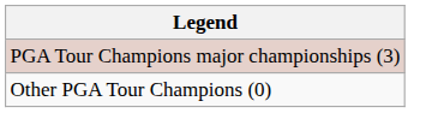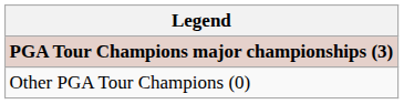 <table class="wikitable" style="font-size:95%;">
 <tr>
 <th>Legend</th>
 </tr>
 <tr style="background:#e5d1cb;">
-<td>PGA Tour Champions major championships (3)</td>
+<td><strong>PGA Tour Champions major championships (3)</strong></td>
 </tr>
 <tr>
 <td>Other PGA Tour Champions (0)</td>
 </tr>
 </table>
